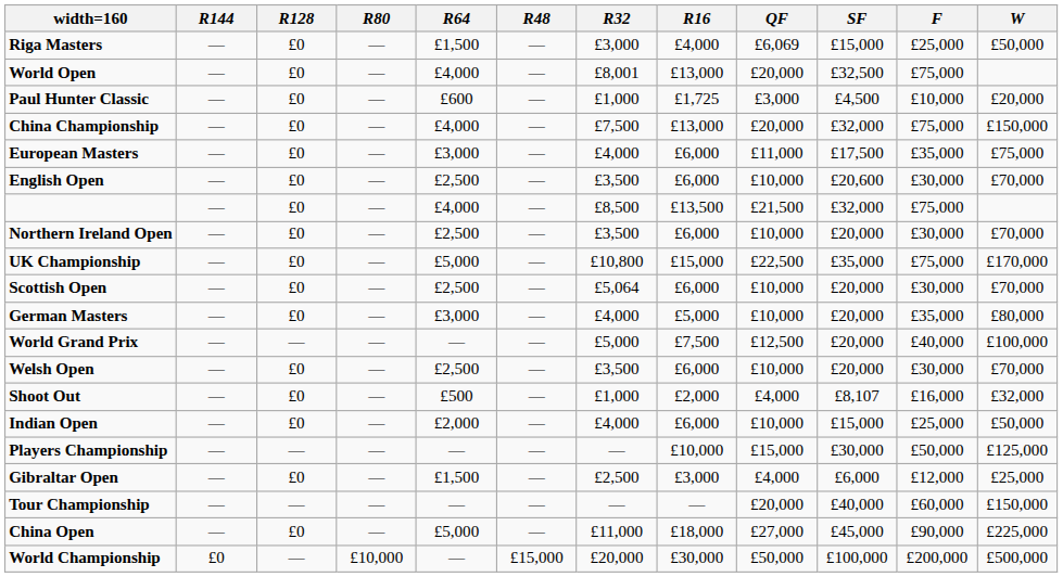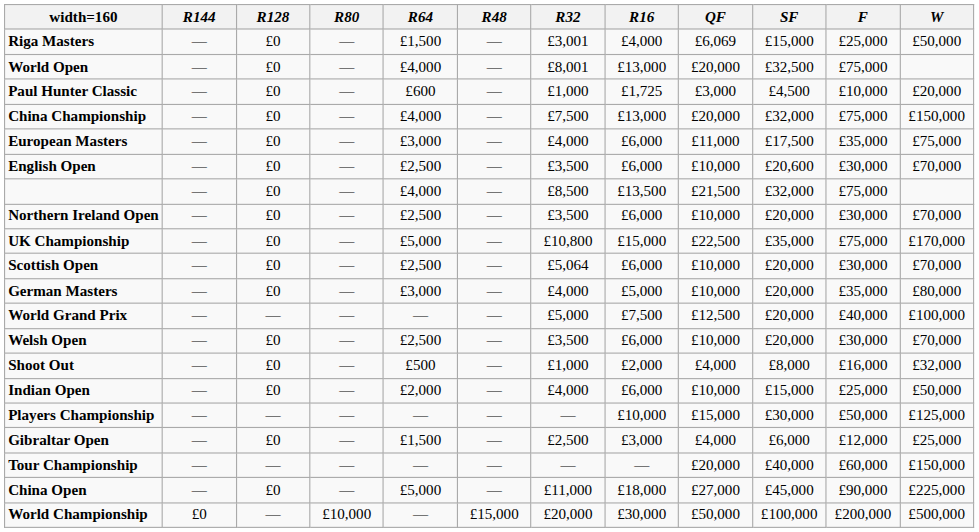 <table class="wikitable sortable" style="text-align: center; font-size:85%;">
 <tr>
 <th>width=160 </th>
 <th width=60><em>R144</em></th>
 <th width=60><em>R128</em></th>
 <th width=60><em>R80</em></th>
 <th width=60><em>R64</em></th>
 <th width=60><em>R48</em></th>
 <th width=60><em>R32</em></th>
 <th width=60><em>R16</em></th>
 <th width=60><em>QF</em></th>
 <th width=60><em>SF</em></th>
 <th width=60><em>F</em></th>
 <th width=60><em>W</em></th>
 </tr>
 <tr>
 <td style="text-align:left;"><strong>Riga Masters</strong></td>
 <td>—</td>
 <td>£0</td>
 <td>—</td>
 <td>£1,500</td>
 <td>—</td>
-<td>£3,000</td>
+<td>£3,001</td>
 <td>£4,000</td>
 <td>£6,069</td>
 <td>£15,000</td>
 <td>£25,000</td>
 <td>£50,000</td>
 </tr>
 <tr>
 <td style="text-align:left;"><strong>World Open</strong></td>
 <td>—</td>
 <td>£0</td>
 <td>—</td>
 <td>£4,000</td>
 <td>—</td>
 <td>£8,001</td>
 <td>£13,000</td>
 <td>£20,000</td>
 <td>£32,500</td>
 <td>£75,000</td>
 <td></td>
 </tr>
 <tr>
 <td style="text-align:left;"><strong>Paul Hunter Classic</strong></td>
 <td>—</td>
 <td>£0</td>
 <td>—</td>
 <td>£600</td>
 <td>—</td>
 <td>£1,000</td>
 <td>£1,725</td>
 <td>£3,000</td>
 <td>£4,500</td>
 <td>£10,000</td>
 <td>£20,000</td>
 </tr>
 <tr>
 <td style="text-align:left;"><strong>China Championship</strong></td>
 <td>—</td>
 <td>£0</td>
 <td>—</td>
 <td>£4,000</td>
 <td>—</td>
 <td>£7,500</td>
 <td>£13,000</td>
 <td>£20,000</td>
 <td>£32,000</td>
 <td>£75,000</td>
 <td>£150,000</td>
 </tr>
 <tr>
 <td style="text-align:left;"><strong>European Masters</strong></td>
 <td>—</td>
 <td>£0</td>
 <td>—</td>
 <td>£3,000</td>
 <td>—</td>
 <td>£4,000</td>
 <td>£6,000</td>
 <td>£11,000</td>
 <td>£17,500</td>
 <td>£35,000</td>
 <td>£75,000</td>
 </tr>
 <tr>
 <td style="text-align:left;"><strong>English Open</strong></td>
 <td>—</td>
 <td>£0</td>
 <td>—</td>
 <td>£2,500</td>
 <td>—</td>
 <td>£3,500</td>
 <td>£6,000</td>
 <td>£10,000</td>
 <td>£20,600</td>
 <td>£30,000</td>
 <td>£70,000</td>
 </tr>
 <tr>
 <td style="text-align:left;"></td>
 <td>—</td>
 <td>£0</td>
 <td>—</td>
 <td>£4,000</td>
 <td>—</td>
 <td>£8,500</td>
 <td>£13,500</td>
 <td>£21,500</td>
 <td>£32,000</td>
 <td>£75,000</td>
 <td></td>
 </tr>
 <tr>
 <td style="text-align:left;"><strong>Northern Ireland Open</strong></td>
 <td>—</td>
 <td>£0</td>
 <td>—</td>
 <td>£2,500</td>
 <td>—</td>
 <td>£3,500</td>
 <td>£6,000</td>
 <td>£10,000</td>
 <td>£20,000</td>
 <td>£30,000</td>
 <td>£70,000</td>
 </tr>
 <tr>
 <td style="text-align:left;"><strong>UK Championship</strong></td>
 <td>—</td>
 <td>£0</td>
 <td>—</td>
 <td>£5,000</td>
 <td>—</td>
 <td>£10,800</td>
 <td>£15,000</td>
 <td>£22,500</td>
 <td>£35,000</td>
 <td>£75,000</td>
 <td>£170,000</td>
 </tr>
 <tr>
 <td style="text-align:left;"><strong>Scottish Open</strong></td>
 <td>—</td>
 <td>£0</td>
 <td>—</td>
 <td>£2,500</td>
 <td>—</td>
 <td>£5,064</td>
 <td>£6,000</td>
 <td>£10,000</td>
 <td>£20,000</td>
 <td>£30,000</td>
 <td>£70,000</td>
 </tr>
 <tr>
 <td style="text-align:left;"><strong>German Masters</strong></td>
 <td>—</td>
 <td>£0</td>
 <td>—</td>
 <td>£3,000</td>
 <td>—</td>
 <td>£4,000</td>
 <td>£5,000</td>
 <td>£10,000</td>
 <td>£20,000</td>
 <td>£35,000</td>
 <td>£80,000</td>
 </tr>
 <tr>
 <td style="text-align:left;"><strong>World Grand Prix</strong></td>
 <td>—</td>
 <td>—</td>
 <td>—</td>
 <td>—</td>
 <td>—</td>
 <td>£5,000</td>
 <td>£7,500</td>
 <td>£12,500</td>
 <td>£20,000</td>
 <td>£40,000</td>
 <td>£100,000</td>
 </tr>
 <tr>
 <td style="text-align:left;"><strong>Welsh Open</strong></td>
 <td>—</td>
 <td>£0</td>
 <td>—</td>
 <td>£2,500</td>
 <td>—</td>
 <td>£3,500</td>
 <td>£6,000</td>
 <td>£10,000</td>
 <td>£20,000</td>
 <td>£30,000</td>
 <td>£70,000</td>
 </tr>
 <tr>
 <td style="text-align:left;"><strong>Shoot Out</strong></td>
 <td>—</td>
 <td>£0</td>
 <td>—</td>
 <td>£500</td>
 <td>—</td>
 <td>£1,000</td>
 <td>£2,000</td>
 <td>£4,000</td>
-<td>£8,107</td>
+<td>£8,000</td>
 <td>£16,000</td>
 <td>£32,000</td>
 </tr>
 <tr>
 <td style="text-align:left;"><strong>Indian Open</strong></td>
 <td>—</td>
 <td>£0</td>
 <td>—</td>
 <td>£2,000</td>
 <td>—</td>
 <td>£4,000</td>
 <td>£6,000</td>
 <td>£10,000</td>
 <td>£15,000</td>
 <td>£25,000</td>
 <td>£50,000</td>
 </tr>
 <tr>
 <td style="text-align:left;"><strong>Players Championship</strong></td>
 <td>—</td>
 <td>—</td>
 <td>—</td>
 <td>—</td>
 <td>—</td>
 <td>—</td>
 <td>£10,000</td>
 <td>£15,000</td>
 <td>£30,000</td>
 <td>£50,000</td>
 <td>£125,000</td>
 </tr>
 <tr>
 <td style="text-align:left;"><strong>Gibraltar Open</strong></td>
 <td>—</td>
 <td>£0</td>
 <td>—</td>
 <td>£1,500</td>
 <td>—</td>
 <td>£2,500</td>
 <td>£3,000</td>
 <td>£4,000</td>
 <td>£6,000</td>
 <td>£12,000</td>
 <td>£25,000</td>
 </tr>
 <tr>
 <td style="text-align:left;"><strong>Tour Championship</strong></td>
 <td>—</td>
 <td>—</td>
 <td>—</td>
 <td>—</td>
 <td>—</td>
 <td>—</td>
 <td>—</td>
 <td>£20,000</td>
 <td>£40,000</td>
 <td>£60,000</td>
 <td>£150,000</td>
 </tr>
 <tr>
 <td style="text-align:left;"><strong>China Open</strong></td>
 <td>—</td>
 <td>£0</td>
 <td>—</td>
 <td>£5,000</td>
 <td>—</td>
 <td>£11,000</td>
 <td>£18,000</td>
 <td>£27,000</td>
 <td>£45,000</td>
 <td>£90,000</td>
 <td>£225,000</td>
 </tr>
 <tr>
 <td style="text-align:left;"><strong>World Championship</strong></td>
 <td>£0</td>
 <td>—</td>
 <td>£10,000</td>
 <td>—</td>
 <td>£15,000</td>
 <td>£20,000</td>
 <td>£30,000</td>
 <td>£50,000</td>
 <td>£100,000</td>
 <td>£200,000</td>
 <td>£500,000</td>
 </tr>
 </table>
